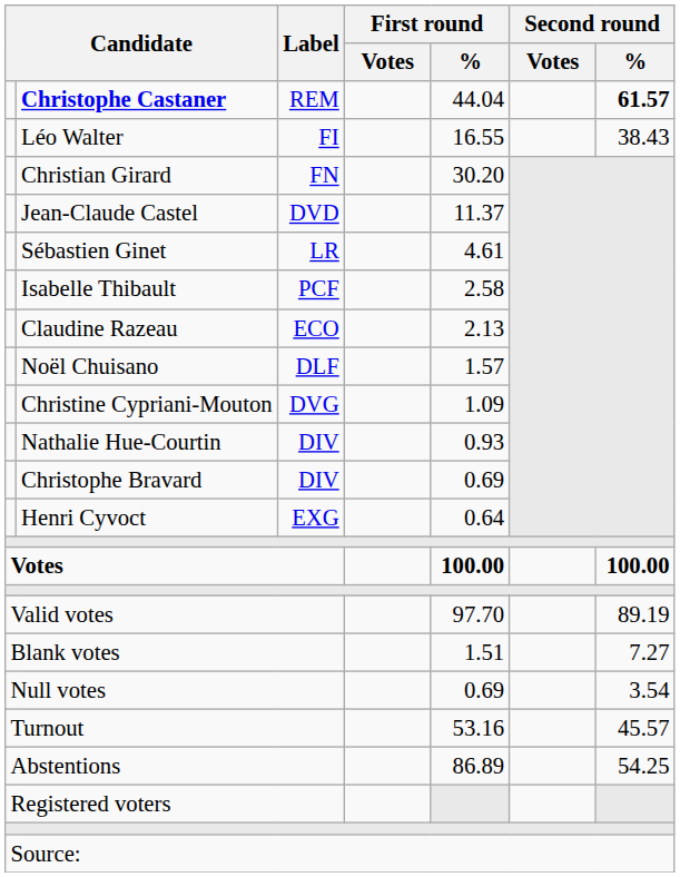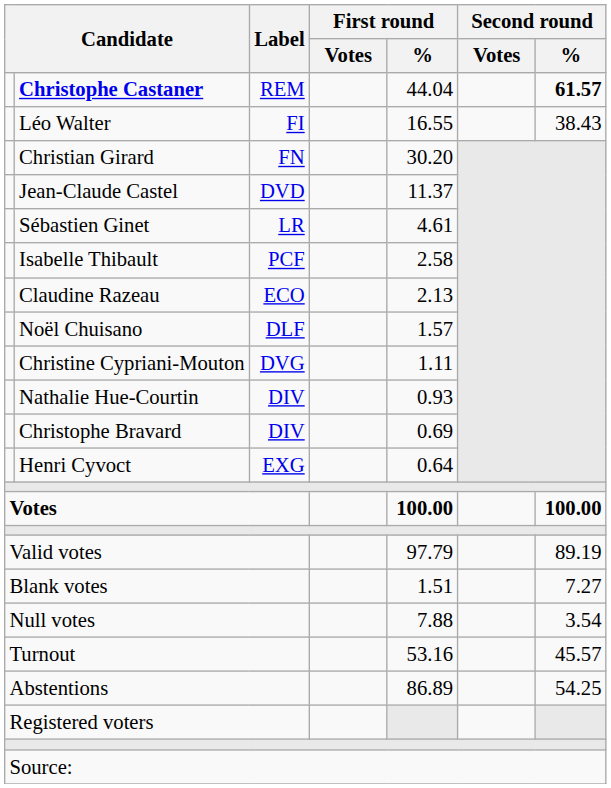 <table class="wikitable" style="text-align:right;font-size:95%;">
 <tr>
 <th colspan="2" rowspan="2">Candidate</th>
 <th rowspan="2">Label</th>
 <th colspan="2">First round</th>
 <th colspan="2">Second round</th>
 </tr>
 <tr>
 <th style="width:50px;">Votes</th>
 <th style="width:45px;">%</th>
 <th style="width:50px;">Votes</th>
 <th style="width:45px;">%</th>
 </tr>
 <tr>
 <td style="color:inherit;background:"></td>
 <td style="text-align:left;"><strong><a href='#'>Christophe Castaner</a></strong></td>
 <td><a href='#'>REM</a></td>
 <td></td>
 <td>44.04</td>
 <td><strong></strong></td>
 <td><strong>61.57</strong></td>
 </tr>
 <tr>
 <td style="color:inherit;background:"></td>
 <td style="text-align:left;">Léo Walter</td>
 <td><a href='#'>FI</a></td>
 <td></td>
 <td>16.55</td>
 <td></td>
 <td>38.43</td>
 </tr>
 <tr>
 <td style="color:inherit;background:"></td>
 <td style="text-align:left;">Christian Girard</td>
 <td><a href='#'>FN</a></td>
 <td></td>
 <td>30.20</td>
 <td colspan="2" rowspan="10" style="background:#E9E9E9;"></td>
 </tr>
 <tr>
 <td style="color:inherit;background:"></td>
 <td style="text-align:left;">Jean-Claude Castel</td>
 <td><a href='#'>DVD</a></td>
 <td></td>
 <td>11.37</td>
 </tr>
 <tr>
 <td style="color:inherit;background:"></td>
 <td style="text-align:left;">Sébastien Ginet</td>
 <td><a href='#'>LR</a></td>
 <td></td>
 <td>4.61</td>
 </tr>
 <tr>
 <td style="color:inherit;background:"></td>
 <td style="text-align:left;">Isabelle Thibault</td>
 <td><a href='#'>PCF</a></td>
 <td></td>
 <td>2.58</td>
 </tr>
 <tr>
 <td style="color:inherit;background:"></td>
 <td style="text-align:left;">Claudine Razeau</td>
 <td><a href='#'>ECO</a></td>
 <td></td>
 <td>2.13</td>
 </tr>
 <tr>
 <td style="color:inherit;background:"></td>
 <td style="text-align:left;">Noël Chuisano</td>
 <td><a href='#'>DLF</a></td>
 <td></td>
 <td>1.57</td>
 </tr>
 <tr>
 <td style="color:inherit;background:"></td>
 <td style="text-align:left;">Christine Cypriani-Mouton</td>
 <td><a href='#'>DVG</a></td>
 <td></td>
-<td>1.09</td>
+<td>1.11</td>
 </tr>
 <tr>
 <td style="color:inherit;background:"></td>
 <td style="text-align:left;">Nathalie Hue-Courtin</td>
 <td><a href='#'>DIV</a></td>
 <td></td>
 <td>0.93</td>
 </tr>
 <tr>
 <td style="color:inherit;background:"></td>
 <td style="text-align:left;">Christophe Bravard</td>
 <td><a href='#'>DIV</a></td>
 <td></td>
 <td>0.69</td>
 </tr>
 <tr>
 <td style="color:inherit;background:"></td>
 <td style="text-align:left;">Henri Cyvoct</td>
 <td><a href='#'>EXG</a></td>
 <td></td>
 <td>0.64</td>
 </tr>
 <tr>
 <td colspan="7" style="background:#E9E9E9;"></td>
 </tr>
 <tr style="font-weight:bold;">
 <td colspan="3" style="text-align:left;">Votes</td>
 <td></td>
 <td>100.00</td>
 <td></td>
 <td>100.00</td>
 </tr>
 <tr>
 <td colspan="7" style="background:#E9E9E9;"></td>
 </tr>
 <tr>
 <td colspan="3" style="text-align:left;">Valid votes</td>
 <td></td>
-<td>97.70</td>
+<td>97.79</td>
 <td></td>
 <td>89.19</td>
 </tr>
 <tr>
 <td colspan="3" style="text-align:left;">Blank votes</td>
 <td></td>
 <td>1.51</td>
 <td></td>
 <td>7.27</td>
 </tr>
 <tr>
 <td colspan="3" style="text-align:left;">Null votes</td>
 <td></td>
-<td>0.69</td>
+<td>7.88</td>
 <td></td>
 <td>3.54</td>
 </tr>
 <tr>
 <td colspan="3" style="text-align:left;">Turnout</td>
 <td></td>
 <td>53.16</td>
 <td></td>
 <td>45.57</td>
 </tr>
 <tr>
 <td colspan="3" style="text-align:left;">Abstentions</td>
 <td></td>
 <td>86.89</td>
 <td></td>
 <td>54.25</td>
 </tr>
 <tr>
 <td colspan="3" style="text-align:left;">Registered voters</td>
 <td></td>
 <td style="background:#E9E9E9;"></td>
 <td></td>
 <td style="background:#E9E9E9;"></td>
 </tr>
 <tr>
 <td colspan="7" style="background:#E9E9E9;"></td>
 </tr>
 <tr>
 <td colspan="7" style="text-align:left;">Source: </td>
 </tr>
 </table>
